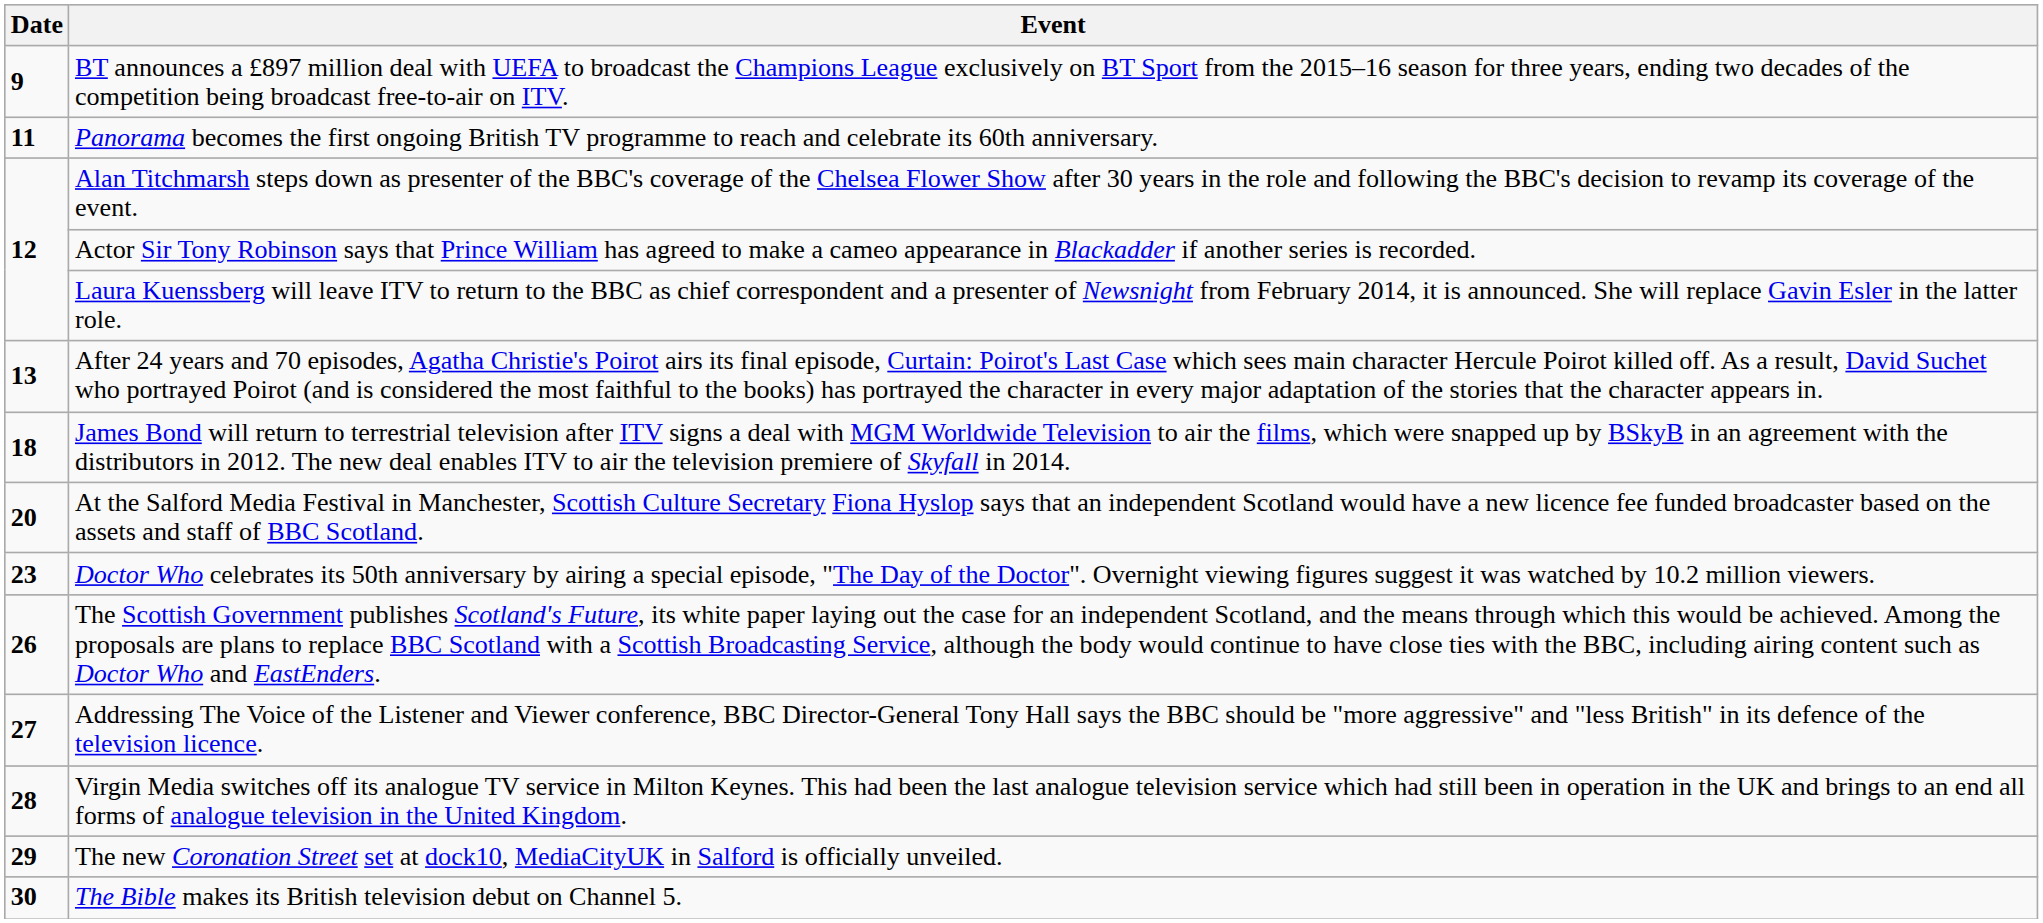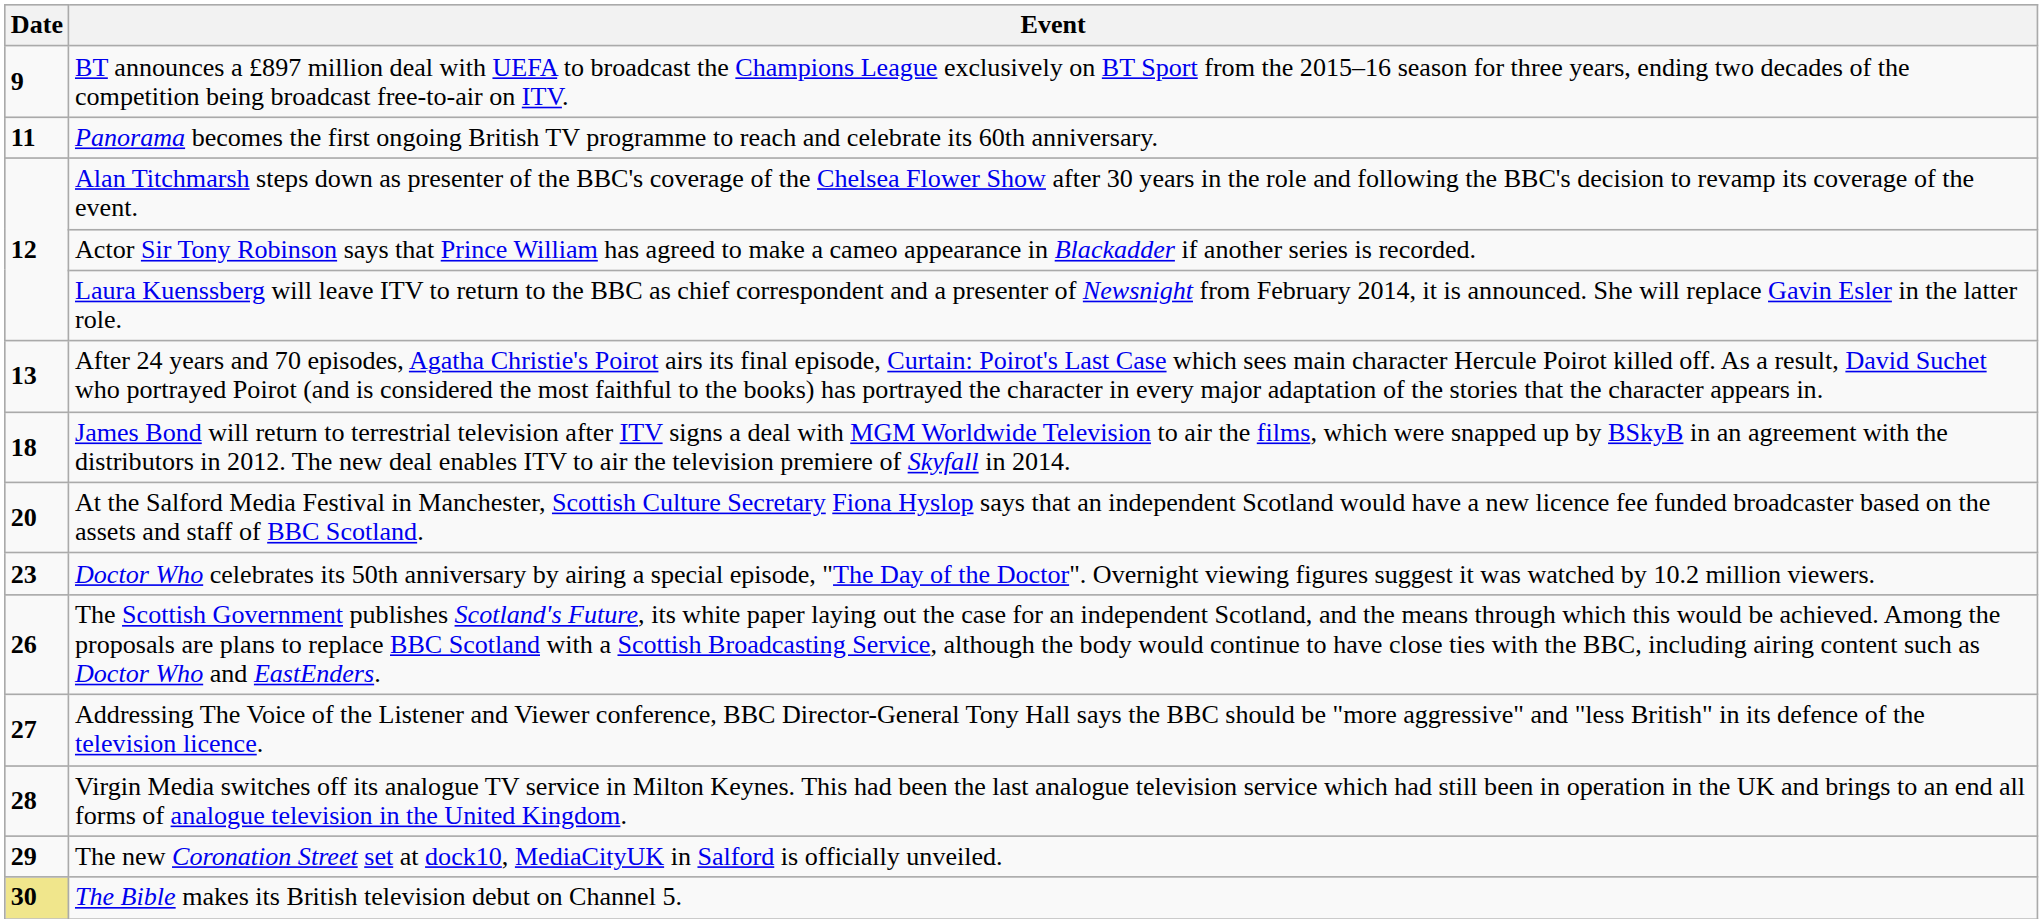 <table class="wikitable">
 <tr>
 <th>Date</th>
 <th>Event</th>
 </tr>
 <tr>
 <td><strong>9</strong></td>
 <td><a href='#'>BT</a> announces a £897 million deal with <a href='#'>UEFA</a> to broadcast the <a href='#'>Champions League</a> exclusively on <a href='#'>BT Sport</a> from the 2015–16 season for three years, ending two decades of the competition being broadcast free-to-air on <a href='#'>ITV</a>.</td>
 </tr>
 <tr>
 <td><strong>11</strong></td>
 <td><em><a href='#'>Panorama</a></em> becomes the first ongoing British TV programme to reach and celebrate its 60th anniversary.</td>
 </tr>
 <tr>
 <td rowspan=3><strong>12</strong></td>
 <td><a href='#'>Alan Titchmarsh</a> steps down as presenter of the BBC's coverage of the <a href='#'>Chelsea Flower Show</a> after 30 years in the role and following the BBC's decision to revamp its coverage of the event.</td>
 </tr>
 <tr>
 <td>Actor <a href='#'>Sir Tony Robinson</a> says that <a href='#'>Prince William</a> has agreed to make a cameo appearance in <em><a href='#'>Blackadder</a></em> if another series is recorded.</td>
 </tr>
 <tr>
 <td><a href='#'>Laura Kuenssberg</a> will leave ITV to return to the BBC as chief correspondent and a presenter of <em><a href='#'>Newsnight</a></em> from February 2014, it is announced. She will replace <a href='#'>Gavin Esler</a> in the latter role.</td>
 </tr>
 <tr>
 <td><strong>13</strong></td>
 <td>After 24 years and 70 episodes, <a href='#'>Agatha Christie's Poirot</a> airs its final episode, <a href='#'>Curtain: Poirot's Last Case</a> which sees main character Hercule Poirot killed off. As a result, <a href='#'>David Suchet</a> who portrayed Poirot (and is considered the most faithful to the books) has portrayed the character in every major adaptation of the stories that the character appears in.</td>
 </tr>
 <tr>
 <td><strong>18</strong></td>
 <td><a href='#'>James Bond</a> will return to terrestrial television after <a href='#'>ITV</a> signs a deal with <a href='#'>MGM Worldwide Television</a> to air the <a href='#'>films</a>, which were snapped up by <a href='#'>BSkyB</a> in an agreement with the distributors in 2012. The new deal enables ITV to air the television premiere of <em><a href='#'>Skyfall</a></em> in 2014.</td>
 </tr>
 <tr>
 <td><strong>20</strong></td>
 <td>At the Salford Media Festival in Manchester, <a href='#'>Scottish Culture Secretary</a> <a href='#'>Fiona Hyslop</a> says that an independent Scotland would have a new licence fee funded broadcaster based on the assets and staff of <a href='#'>BBC Scotland</a>.</td>
 </tr>
 <tr>
 <td><strong>23</strong></td>
 <td><em><a href='#'>Doctor Who</a></em> celebrates its 50th anniversary by airing a special episode, "<a href='#'>The Day of the Doctor</a>". Overnight viewing figures suggest it was watched by 10.2 million viewers.</td>
 </tr>
 <tr>
 <td><strong>26</strong></td>
 <td>The <a href='#'>Scottish Government</a> publishes <em><a href='#'>Scotland's Future</a></em>, its white paper laying out the case for an independent Scotland, and the means through which this would be achieved. Among the proposals are plans to replace <a href='#'>BBC Scotland</a> with a <a href='#'>Scottish Broadcasting Service</a>, although the body would continue to have close ties with the BBC, including airing content such as <em><a href='#'>Doctor Who</a></em> and <em><a href='#'>EastEnders</a></em>.</td>
 </tr>
 <tr>
 <td><strong>27</strong></td>
 <td>Addressing The Voice of the Listener and Viewer conference, BBC Director-General Tony Hall says the BBC should be "more aggressive"  and "less British" in its defence of the <a href='#'>television licence</a>.</td>
 </tr>
 <tr>
 <td><strong>28</strong></td>
 <td>Virgin Media switches off its analogue TV service in Milton Keynes. This had been the last analogue television service which had still been in operation in the UK and brings to an end all forms of <a href='#'>analogue television in the United Kingdom</a>.</td>
 </tr>
 <tr>
 <td><strong>29</strong></td>
 <td>The new <em><a href='#'>Coronation Street</a></em> <a href='#'>set</a> at <a href='#'>dock10</a>, <a href='#'>MediaCityUK</a> in <a href='#'>Salford</a> is officially unveiled.</td>
 </tr>
 <tr>
-<td><strong>30</strong></td>
+<td style="background: khaki;"><strong>30</strong></td>
 <td><em><a href='#'>The Bible</a></em> makes its British television debut on Channel 5.</td>
 </tr>
 </table>
